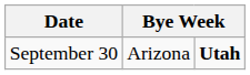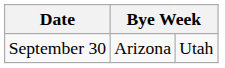 <table class="wikitable" style="font-size:95%;">
 <tr>
 <th>Date</th>
 <th colspan="2">Bye Week</th>
 </tr>
 <tr>
 <td>September 30</td>
 <td>Arizona</td>
-<td><strong>Utah</strong></td>
+<td>Utah</td>
 </tr>
 </table>
